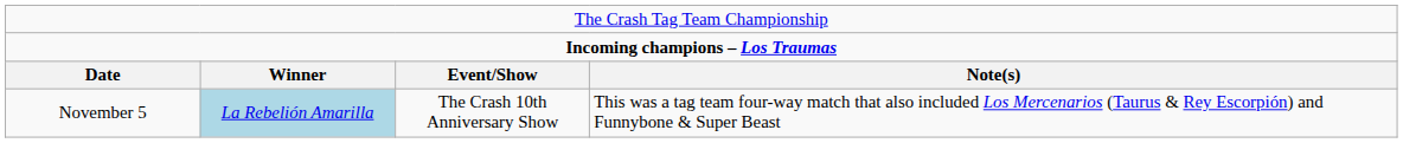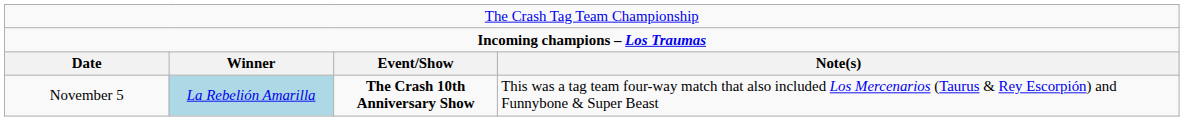 <table class="wikitable" style="text-align:center; width:100%;">
 <tr>
 <td colspan="4" style="text-align: center;"><a href='#'>The Crash Tag Team Championship</a></td>
 </tr>
 <tr>
 <td colspan="4" style="text-align: center;"><strong>Incoming champions – <em><a href='#'>Los Traumas</a></em> </strong></td>
 </tr>
 <tr>
 <th width=14%>Date</th>
 <th width=14%>Winner</th>
 <th width=14%>Event/Show</th>
 <th width=58%>Note(s)</th>
 </tr>
 <tr>
 <td>November 5</td>
 <td style="background: lightblue;"><em><a href='#'>La Rebelión Amarilla</a></em><br></td>
-<td>The Crash 10th Anniversary Show</td>
+<td><strong>The Crash 10th Anniversary Show</strong></td>
 <td align=left>This was a tag team four-way match that also included <em><a href='#'>Los Mercenarios</a></em> (<a href='#'>Taurus</a> & <a href='#'>Rey Escorpión</a>) and Funnybone & Super Beast</td>
 </tr>
 </table>
